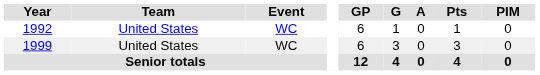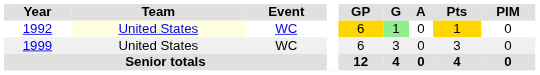 <table border="0" cellpadding="1" cellspacing="0" style="text-align:center; width:40em">
 <tr ALIGN="center" bgcolor="#e0e0e0">
 <th>Year</th>
 <th>Team</th>
 <th>Event</th>
 <th rowspan="99" bgcolor="#ffffff"> </th>
 <th>GP</th>
 <th>G</th>
 <th>A</th>
 <th>Pts</th>
 <th>PIM</th>
 </tr>
 <tr>
 <td><a href='#'>1992</a></td>
-<td><a href='#'>United States</a></td>
+<td style="background: lightyellow;"><a href='#'>United States</a></td>
 <td><a href='#'>WC</a></td>
-<td>6</td>
-<td>1</td>
+<td style="background: gold;">6</td>
+<td style="background: lightgreen;">1</td>
 <td>0</td>
-<td>1</td>
+<td style="background: gold;">1</td>
 <td>0</td>
 </tr>
 <tr bgcolor="#f0f0f0">
 <td><a href='#'>1999</a></td>
 <td>United States</td>
 <td>WC</td>
 <td>6</td>
 <td>3</td>
 <td>0</td>
 <td>3</td>
 <td>0</td>
 </tr>
 <tr bgcolor="#e0e0e0">
 <th colspan=3>Senior totals</th>
 <th>12</th>
 <th>4</th>
 <th>0</th>
 <th>4</th>
 <th>0</th>
 </tr>
 </table>
